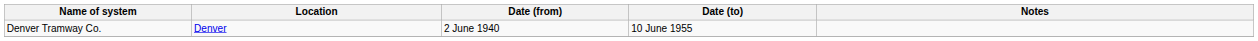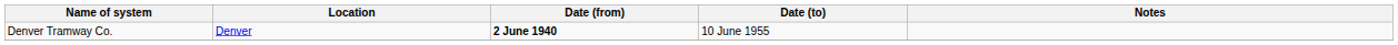 <table class="wikitable" width=100%>
 <tr>
 <th width=15%>Name of system</th>
 <th width=20%>Location</th>
 <th width=15%>Date (from)</th>
 <th width=15%>Date (to)</th>
 <th width=35%>Notes</th>
 </tr>
 <tr>
 <td>Denver Tramway Co.</td>
 <td><a href='#'>Denver</a></td>
-<td>2 June 1940</td>
+<td><strong>2 June 1940</strong></td>
 <td>10 June 1955</td>
 <td> </td>
 </tr>
 <tr>
 </tr>
 </table>
